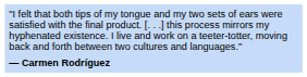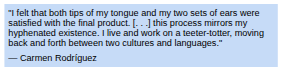 <table class="toccolours" style="float: right; margin-left: 1em; margin-right: 2em; font-size: 85%; background:#c6dbf7; color:black; width:30em; max-width: 40%;" cellspacing="5">
 <tr>
 <td style="text-align: left;">"I felt that both tips of my tongue and my two sets of ears were satisfied with the final product. [. . .] this process mirrors my hyphenated existence. I live and work on a teeter-totter, moving back and forth between two cultures and languages."</td>
 </tr>
 <tr>
-<td style="text-align: left;"><strong>— Carmen Rodríguez</strong></td>
+<td style="text-align: left;">— Carmen Rodríguez</td>
 </tr>
 </table>
